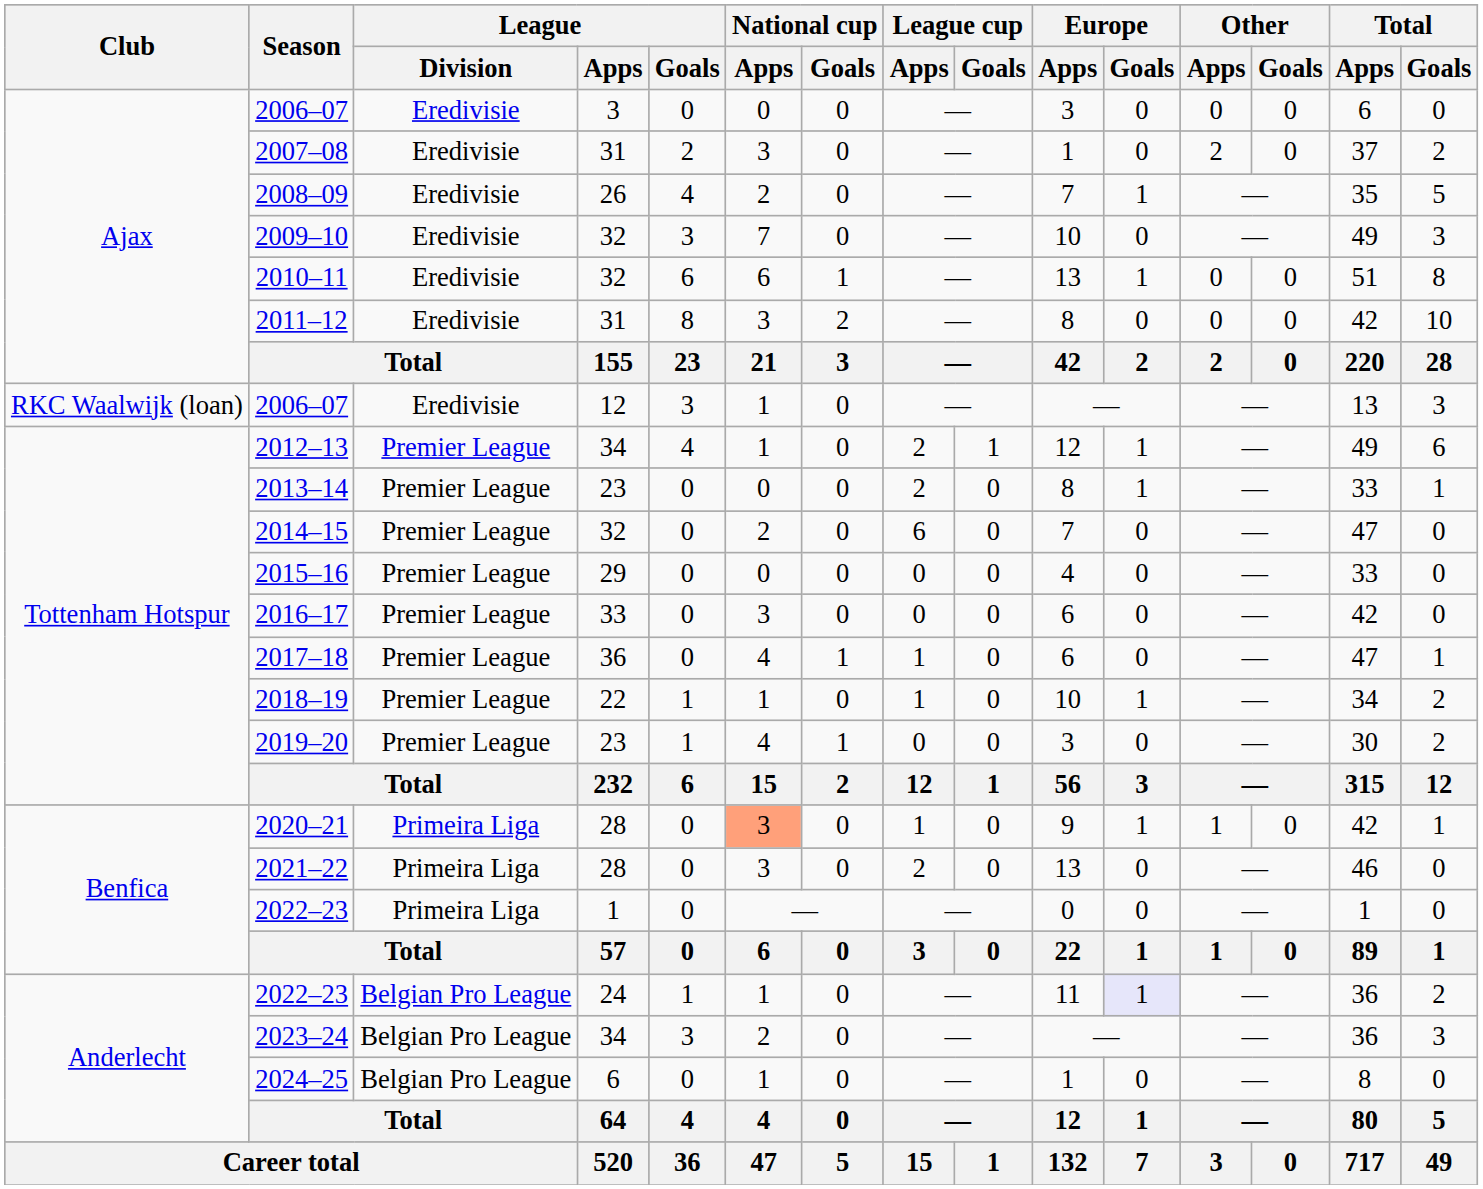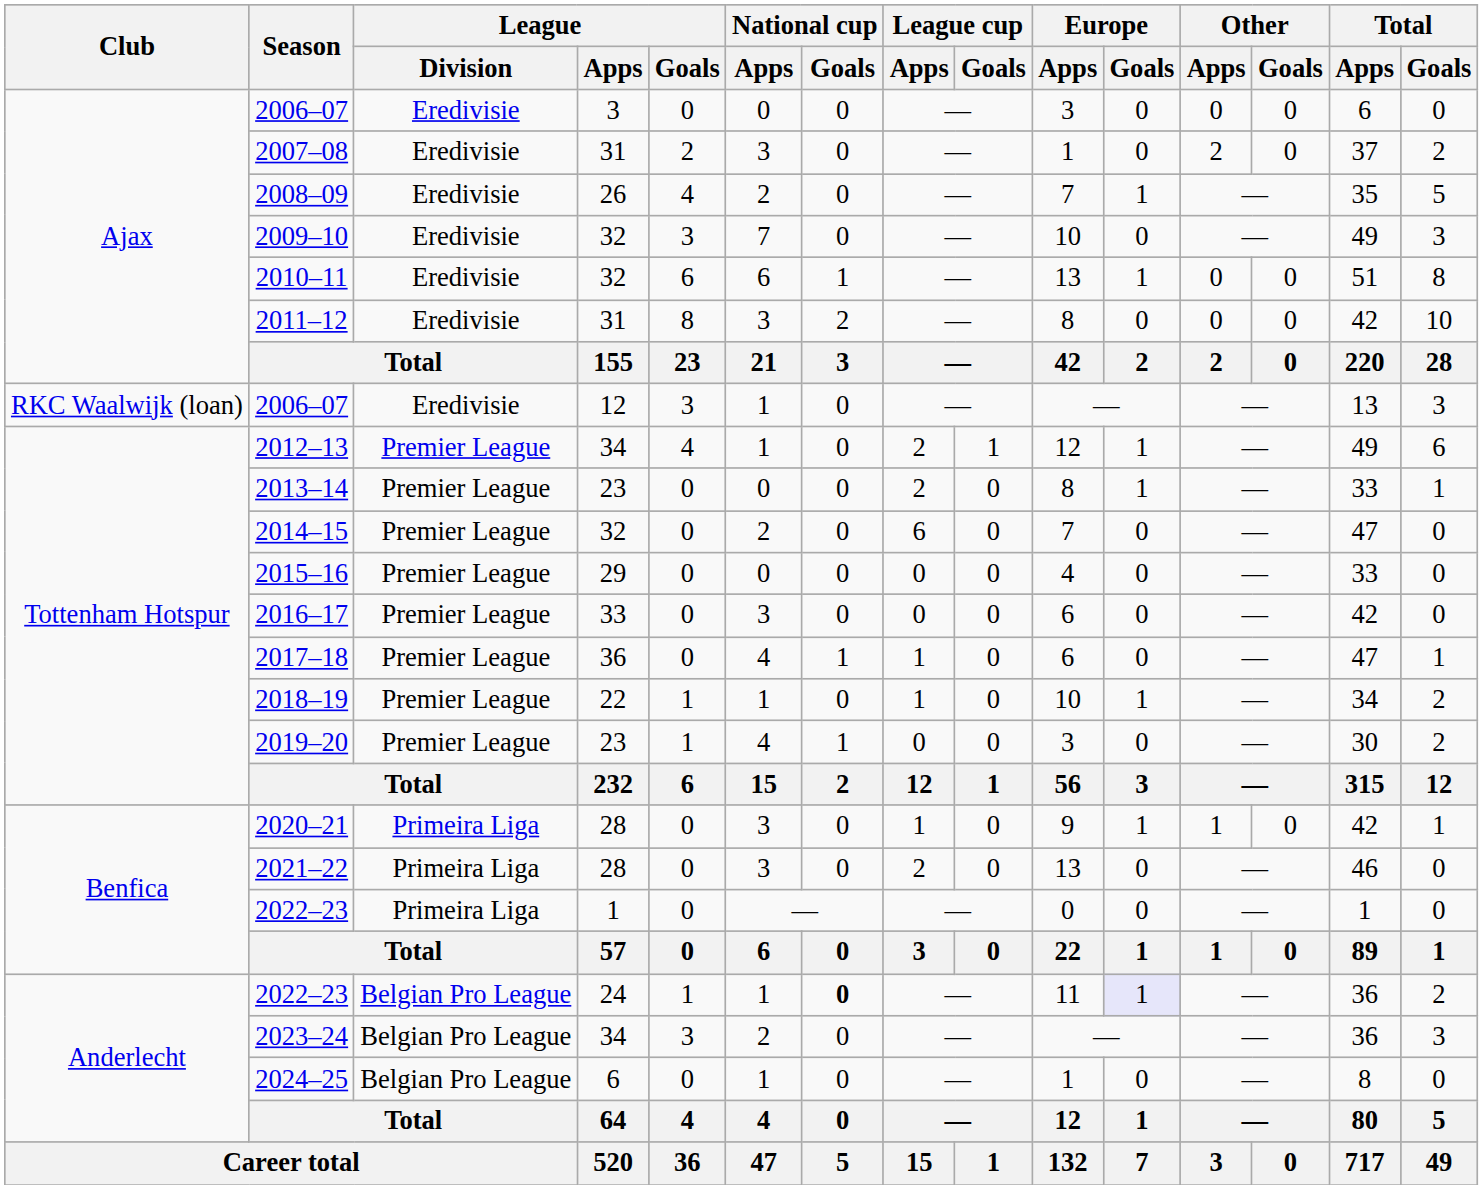 <table class="wikitable" style="text-align:center">
 <tr>
 <th rowspan="2">Club</th>
 <th rowspan="2">Season</th>
 <th colspan="3">League</th>
 <th colspan="2">National cup</th>
 <th colspan="2">League cup</th>
 <th colspan="2">Europe</th>
 <th colspan="2">Other</th>
 <th colspan="2">Total</th>
 </tr>
 <tr>
 <th>Division</th>
 <th>Apps</th>
 <th>Goals</th>
 <th>Apps</th>
 <th>Goals</th>
 <th>Apps</th>
 <th>Goals</th>
 <th>Apps</th>
 <th>Goals</th>
 <th>Apps</th>
 <th>Goals</th>
 <th>Apps</th>
 <th>Goals</th>
 </tr>
 <tr>
 <td rowspan="7"><a href='#'>Ajax</a></td>
 <td><a href='#'>2006–07</a></td>
 <td><a href='#'>Eredivisie</a></td>
 <td>3</td>
 <td>0</td>
 <td>0</td>
 <td>0</td>
 <td colspan="2">—</td>
 <td>3</td>
 <td>0</td>
 <td>0</td>
 <td>0</td>
 <td>6</td>
 <td>0</td>
 </tr>
 <tr>
 <td><a href='#'>2007–08</a></td>
 <td>Eredivisie</td>
 <td>31</td>
 <td>2</td>
 <td>3</td>
 <td>0</td>
 <td colspan="2">—</td>
 <td>1</td>
 <td>0</td>
 <td>2</td>
 <td>0</td>
 <td>37</td>
 <td>2</td>
 </tr>
 <tr>
 <td><a href='#'>2008–09</a></td>
 <td>Eredivisie</td>
 <td>26</td>
 <td>4</td>
 <td>2</td>
 <td>0</td>
 <td colspan="2">—</td>
 <td>7</td>
 <td>1</td>
 <td colspan="2">—</td>
 <td>35</td>
 <td>5</td>
 </tr>
 <tr>
 <td><a href='#'>2009–10</a></td>
 <td>Eredivisie</td>
 <td>32</td>
 <td>3</td>
 <td>7</td>
 <td>0</td>
 <td colspan="2">—</td>
 <td>10</td>
 <td>0</td>
 <td colspan="2">—</td>
 <td>49</td>
 <td>3</td>
 </tr>
 <tr>
 <td><a href='#'>2010–11</a></td>
 <td>Eredivisie</td>
 <td>32</td>
 <td>6</td>
 <td>6</td>
 <td>1</td>
 <td colspan="2">—</td>
 <td>13</td>
 <td>1</td>
 <td>0</td>
 <td>0</td>
 <td>51</td>
 <td>8</td>
 </tr>
 <tr>
 <td><a href='#'>2011–12</a></td>
 <td>Eredivisie</td>
 <td>31</td>
 <td>8</td>
 <td>3</td>
 <td>2</td>
 <td colspan="2">—</td>
 <td>8</td>
 <td>0</td>
 <td>0</td>
 <td>0</td>
 <td>42</td>
 <td>10</td>
 </tr>
 <tr>
 <th colspan="2">Total</th>
 <th>155</th>
 <th>23</th>
 <th>21</th>
 <th>3</th>
 <th colspan="2">—</th>
 <th>42</th>
 <th>2</th>
 <th>2</th>
 <th>0</th>
 <th>220</th>
 <th>28</th>
 </tr>
 <tr>
 <td><a href='#'>RKC Waalwijk</a> (loan)</td>
 <td><a href='#'>2006–07</a></td>
 <td>Eredivisie</td>
 <td>12</td>
 <td>3</td>
 <td>1</td>
 <td>0</td>
 <td colspan="2">—</td>
 <td colspan="2">—</td>
 <td colspan="2">—</td>
 <td>13</td>
 <td>3</td>
 </tr>
 <tr>
 <td rowspan="9"><a href='#'>Tottenham Hotspur</a></td>
 <td><a href='#'>2012–13</a></td>
 <td><a href='#'>Premier League</a></td>
 <td>34</td>
 <td>4</td>
 <td>1</td>
 <td>0</td>
 <td>2</td>
 <td>1</td>
 <td>12</td>
 <td>1</td>
 <td colspan="2">—</td>
 <td>49</td>
 <td>6</td>
 </tr>
 <tr>
 <td><a href='#'>2013–14</a></td>
 <td>Premier League</td>
 <td>23</td>
 <td>0</td>
 <td>0</td>
 <td>0</td>
 <td>2</td>
 <td>0</td>
 <td>8</td>
 <td>1</td>
 <td colspan="2">—</td>
 <td>33</td>
 <td>1</td>
 </tr>
 <tr>
 <td><a href='#'>2014–15</a></td>
 <td>Premier League</td>
 <td>32</td>
 <td>0</td>
 <td>2</td>
 <td>0</td>
 <td>6</td>
 <td>0</td>
 <td>7</td>
 <td>0</td>
 <td colspan="2">—</td>
 <td>47</td>
 <td>0</td>
 </tr>
 <tr>
 <td><a href='#'>2015–16</a></td>
 <td>Premier League</td>
 <td>29</td>
 <td>0</td>
 <td>0</td>
 <td>0</td>
 <td>0</td>
 <td>0</td>
 <td>4</td>
 <td>0</td>
 <td colspan="2">—</td>
 <td>33</td>
 <td>0</td>
 </tr>
 <tr>
 <td><a href='#'>2016–17</a></td>
 <td>Premier League</td>
 <td>33</td>
 <td>0</td>
 <td>3</td>
 <td>0</td>
 <td>0</td>
 <td>0</td>
 <td>6</td>
 <td>0</td>
 <td colspan="2">—</td>
 <td>42</td>
 <td>0</td>
 </tr>
 <tr>
 <td><a href='#'>2017–18</a></td>
 <td>Premier League</td>
 <td>36</td>
 <td>0</td>
 <td>4</td>
 <td>1</td>
 <td>1</td>
 <td>0</td>
 <td>6</td>
 <td>0</td>
 <td colspan="2">—</td>
 <td>47</td>
 <td>1</td>
 </tr>
 <tr>
 <td><a href='#'>2018–19</a></td>
 <td>Premier League</td>
 <td>22</td>
 <td>1</td>
 <td>1</td>
 <td>0</td>
 <td>1</td>
 <td>0</td>
 <td>10</td>
 <td>1</td>
 <td colspan="2">—</td>
 <td>34</td>
 <td>2</td>
 </tr>
 <tr>
 <td><a href='#'>2019–20</a></td>
 <td>Premier League</td>
 <td>23</td>
 <td>1</td>
 <td>4</td>
 <td>1</td>
 <td>0</td>
 <td>0</td>
 <td>3</td>
 <td>0</td>
 <td colspan="2">—</td>
 <td>30</td>
 <td>2</td>
 </tr>
 <tr>
 <th colspan="2">Total</th>
 <th>232</th>
 <th>6</th>
 <th>15</th>
 <th>2</th>
 <th>12</th>
 <th>1</th>
 <th>56</th>
 <th>3</th>
 <th colspan="2">—</th>
 <th>315</th>
 <th>12</th>
 </tr>
 <tr>
 <td rowspan="4"><a href='#'>Benfica</a></td>
 <td><a href='#'>2020–21</a></td>
 <td><a href='#'>Primeira Liga</a></td>
 <td>28</td>
 <td>0</td>
-<td style="background: lightsalmon;">3</td>
+<td>3</td>
 <td>0</td>
 <td>1</td>
 <td>0</td>
 <td>9</td>
 <td>1</td>
 <td>1</td>
 <td>0</td>
 <td>42</td>
 <td>1</td>
 </tr>
 <tr>
 <td><a href='#'>2021–22</a></td>
 <td>Primeira Liga</td>
 <td>28</td>
 <td>0</td>
 <td>3</td>
 <td>0</td>
 <td>2</td>
 <td>0</td>
 <td>13</td>
 <td>0</td>
 <td colspan="2">—</td>
 <td>46</td>
 <td>0</td>
 </tr>
 <tr>
 <td><a href='#'>2022–23</a></td>
 <td>Primeira Liga</td>
 <td>1</td>
 <td>0</td>
 <td colspan="2">—</td>
 <td colspan="2">—</td>
 <td>0</td>
 <td>0</td>
 <td colspan="2">—</td>
 <td>1</td>
 <td>0</td>
 </tr>
 <tr>
 <th colspan="2">Total</th>
 <th>57</th>
 <th>0</th>
 <th>6</th>
 <th>0</th>
 <th>3</th>
 <th>0</th>
 <th>22</th>
 <th>1</th>
 <th>1</th>
 <th>0</th>
 <th>89</th>
 <th>1</th>
 </tr>
 <tr>
 <td rowspan="4"><a href='#'>Anderlecht</a></td>
 <td><a href='#'>2022–23</a></td>
 <td><a href='#'>Belgian Pro League</a></td>
 <td>24</td>
 <td>1</td>
 <td>1</td>
-<td>0</td>
+<td><strong>0</strong></td>
 <td colspan="2">—</td>
 <td>11</td>
 <td style="background: lavender;">1</td>
 <td colspan="2">—</td>
 <td>36</td>
 <td>2</td>
 </tr>
 <tr>
 <td><a href='#'>2023–24</a></td>
 <td>Belgian Pro League</td>
 <td>34</td>
 <td>3</td>
 <td>2</td>
 <td>0</td>
 <td colspan="2">—</td>
 <td colspan="2">—</td>
 <td colspan="2">—</td>
 <td>36</td>
 <td>3</td>
 </tr>
 <tr>
 <td><a href='#'>2024–25</a></td>
 <td>Belgian Pro League</td>
 <td>6</td>
 <td>0</td>
 <td>1</td>
 <td>0</td>
 <td colspan="2">—</td>
 <td>1</td>
 <td>0</td>
 <td colspan="2">—</td>
 <td>8</td>
 <td>0</td>
 </tr>
 <tr>
 <th colspan="2">Total</th>
 <th>64</th>
 <th>4</th>
 <th>4</th>
 <th>0</th>
 <th colspan="2">—</th>
 <th>12</th>
 <th>1</th>
 <th colspan="2">—</th>
 <th>80</th>
 <th>5</th>
 </tr>
 <tr>
 <th colspan="3">Career total</th>
 <th>520</th>
 <th>36</th>
 <th>47</th>
 <th>5</th>
 <th>15</th>
 <th>1</th>
 <th>132</th>
 <th>7</th>
 <th>3</th>
 <th>0</th>
 <th>717</th>
 <th>49</th>
 </tr>
 </table>
